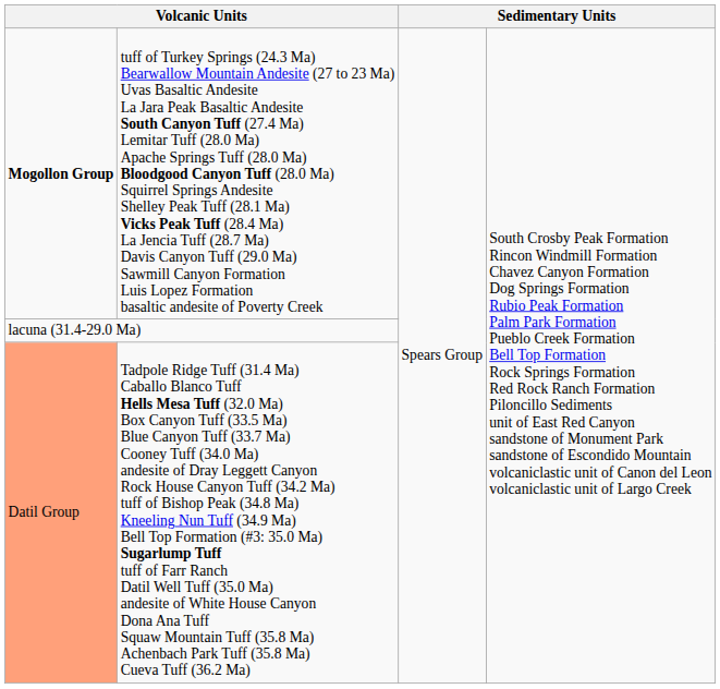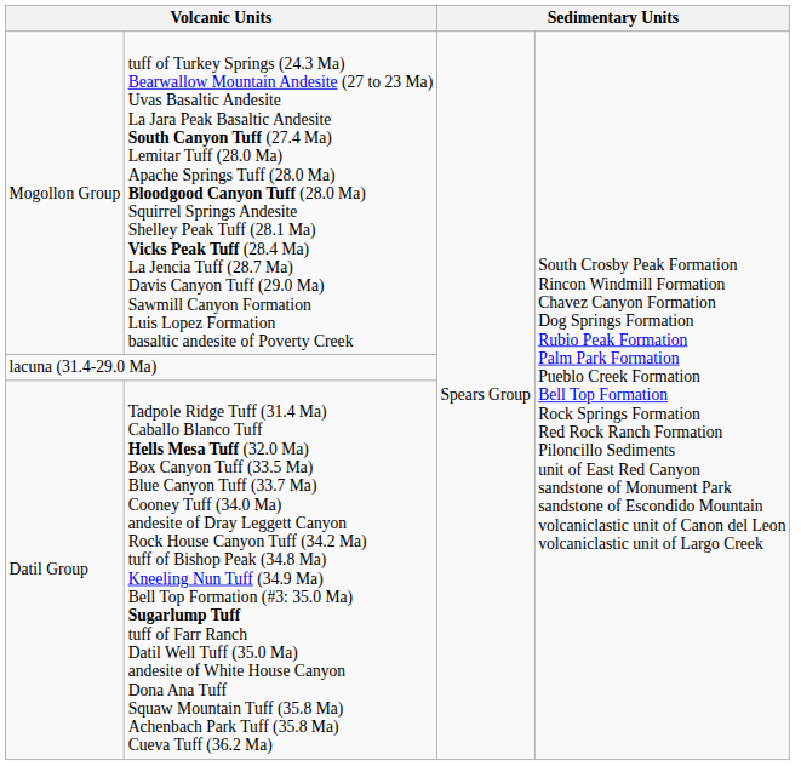 <table class="wikitable" style="text-align: left;">
 <tr>
 <th colspan="2">Volcanic Units</th>
 <th colspan="2">Sedimentary Units</th>
 </tr>
 <tr>
-<td><strong>Mogollon Group</strong></td>
+<td>Mogollon Group</td>
 <td><br>tuff of Turkey Springs (24.3 Ma)<br> <a href='#'>Bearwallow Mountain Andesite</a> (27 to 23 Ma)<br> Uvas Basaltic Andesite<br> La Jara Peak Basaltic Andesite<br> <strong>South Canyon Tuff</strong> (27.4 Ma)<br> Lemitar Tuff (28.0 Ma)<br> Apache Springs Tuff (28.0 Ma)<br> <strong>Bloodgood Canyon Tuff</strong> (28.0 Ma)<br> Squirrel Springs Andesite<br> Shelley Peak Tuff (28.1 Ma)<br> <strong>Vicks Peak Tuff</strong> (28.4 Ma)<br> La Jencia Tuff (28.7 Ma)<br> Davis Canyon Tuff (29.0 Ma)<br> Sawmill Canyon Formation<br> Luis Lopez Formation<br> basaltic andesite of Poverty Creek</td>
 <td rowspan="3">Spears Group</td>
 <td rowspan="3"><br>South Crosby Peak Formation<br> Rincon Windmill Formation<br> Chavez Canyon Formation<br> Dog Springs Formation<br> <a href='#'>Rubio Peak Formation</a><br> <a href='#'>Palm Park Formation</a><br> Pueblo Creek Formation<br> <a href='#'>Bell Top Formation</a><br> Rock Springs Formation<br>  Red Rock Ranch Formation<br> Piloncillo Sediments<br> unit of East Red Canyon<br> sandstone of Monument Park<br> sandstone of Escondido Mountain<br> volcaniclastic unit of Canon del Leon<br> volcaniclastic unit of Largo Creek<br></td>
 </tr>
 <tr>
 <td colspan="2">lacuna (31.4-29.0 Ma)</td>
 </tr>
 <tr>
-<td style="background: lightsalmon;">Datil Group</td>
+<td>Datil Group</td>
 <td><br>Tadpole Ridge Tuff (31.4 Ma)<br> Caballo Blanco Tuff<br> <strong>Hells Mesa Tuff</strong> (32.0 Ma)<br> Box Canyon Tuff (33.5 Ma)<br> Blue Canyon Tuff (33.7 Ma)<br> Cooney Tuff (34.0 Ma)<br> andesite of Dray Leggett Canyon<br> Rock House Canyon Tuff (34.2 Ma)<br> tuff of Bishop Peak (34.8 Ma)<br> <a href='#'>Kneeling Nun Tuff</a> (34.9 Ma)<br> Bell Top Formation (#3: 35.0 Ma)<br> <strong>Sugarlump Tuff</strong><br> tuff of Farr Ranch<br> Datil Well Tuff (35.0 Ma)<br> andesite of White House Canyon<br> Dona Ana Tuff<br> Squaw Mountain Tuff (35.8 Ma)<br> Achenbach Park Tuff (35.8 Ma)<br> Cueva Tuff (36.2 Ma)<br></td>
 </tr>
 </table>
